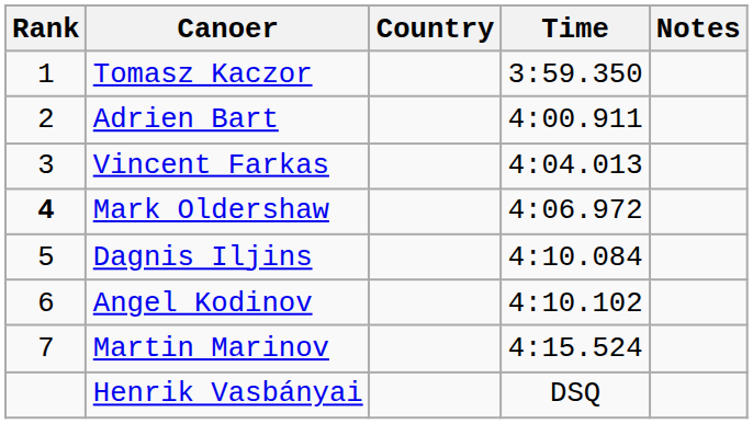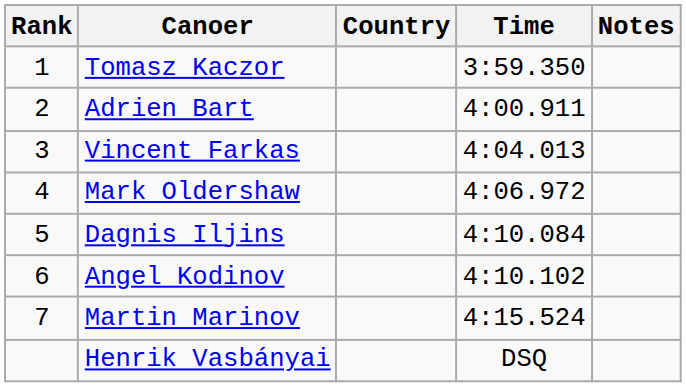 <table class="wikitable sortable" style="text-align:center;">
 <tr>
 <th>Rank</th>
 <th>Canoer</th>
 <th>Country</th>
 <th>Time</th>
 <th>Notes</th>
 </tr>
 <tr>
 <td>1</td>
 <td align=left><a href='#'>Tomasz Kaczor</a></td>
 <td align=left></td>
 <td>3:59.350</td>
 <td></td>
 </tr>
 <tr>
 <td>2</td>
 <td align=left><a href='#'>Adrien Bart</a></td>
 <td align=left></td>
 <td>4:00.911</td>
 <td></td>
 </tr>
 <tr>
 <td>3</td>
 <td align=left><a href='#'>Vincent Farkas</a></td>
 <td align="left"></td>
 <td>4:04.013</td>
 <td></td>
 </tr>
 <tr>
-<td><strong>4</strong></td>
+<td>4</td>
 <td align=left><a href='#'>Mark Oldershaw</a></td>
 <td align=left></td>
 <td>4:06.972</td>
 <td></td>
 </tr>
 <tr>
 <td>5</td>
 <td align=left><a href='#'>Dagnis Iljins</a></td>
 <td align=left></td>
 <td>4:10.084</td>
 <td></td>
 </tr>
 <tr>
 <td>6</td>
 <td align=left><a href='#'>Angel Kodinov</a></td>
 <td align=left></td>
 <td>4:10.102</td>
 <td></td>
 </tr>
 <tr>
 <td>7</td>
 <td align=left><a href='#'>Martin Marinov</a></td>
 <td align=left></td>
 <td>4:15.524</td>
 <td></td>
 </tr>
 <tr>
 <td></td>
 <td align=left><a href='#'>Henrik Vasbányai</a></td>
 <td align=left></td>
 <td>DSQ</td>
 </tr>
 </table>
